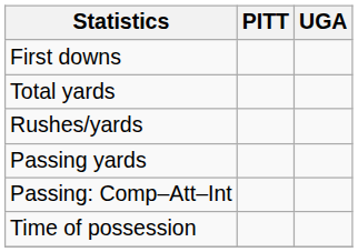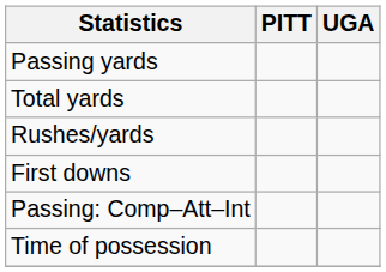 <table class="wikitable" style="float: left;">
 <tr>
 <th>Statistics</th>
 <th>PITT</th>
 <th>UGA</th>
 </tr>
 <tr>
-<td>First downs</td>
+<td>Passing yards</td>
 <td></td>
 <td></td>
 </tr>
 <tr>
 <td>Total yards</td>
 <td></td>
 <td></td>
 </tr>
 <tr>
 <td>Rushes/yards</td>
 <td></td>
 <td></td>
 </tr>
 <tr>
-<td>Passing yards</td>
+<td>First downs</td>
 <td></td>
 <td></td>
 </tr>
 <tr>
 <td>Passing: Comp–Att–Int</td>
 <td></td>
 <td></td>
 </tr>
 <tr>
 <td>Time of possession</td>
 <td></td>
 <td></td>
 </tr>
 <tr>
 </tr>
 </table>
